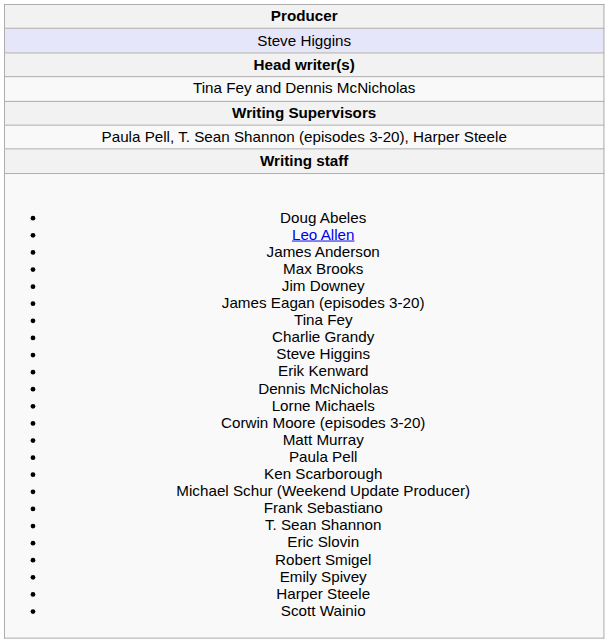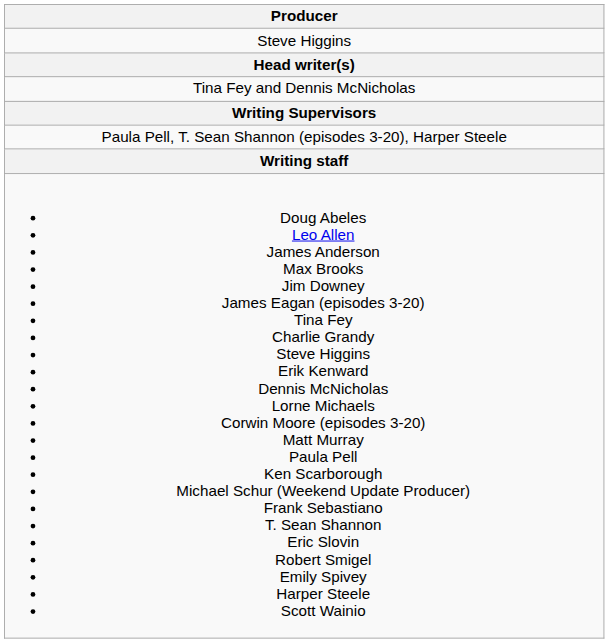 <table class="wikitable plainrowheaders"  style="text-align:center; width:50%;">
 <tr>
 <th><strong>Producer</strong></th>
 </tr>
 <tr>
-<td style="background: lavender;">Steve Higgins</td>
+<td>Steve Higgins</td>
 </tr>
 <tr>
 <th><strong>Head writer(s)</strong></th>
 </tr>
 <tr>
 <td>Tina Fey and Dennis McNicholas</td>
 </tr>
 <tr>
 <th><strong>Writing Supervisors</strong></th>
 </tr>
 <tr>
 <td>Paula Pell, T. Sean Shannon (episodes 3-20), Harper Steele</td>
 </tr>
 <tr>
 <th><strong>Writing staff</strong></th>
 </tr>
 <tr>
 <td><br><ul><li>Doug Abeles</li><li><a href='#'>Leo Allen</a></li><li>James Anderson</li><li>Max Brooks</li><li>Jim Downey</li><li>James Eagan (episodes 3-20)</li><li>Tina Fey</li><li>Charlie Grandy</li><li>Steve Higgins</li><li>Erik Kenward</li><li>Dennis McNicholas</li><li>Lorne Michaels</li><li>Corwin Moore (episodes 3-20)</li><li>Matt Murray</li><li>Paula Pell</li><li>Ken Scarborough</li><li>Michael Schur (Weekend Update Producer)</li><li>Frank Sebastiano</li><li>T. Sean Shannon</li><li>Eric Slovin</li><li>Robert Smigel</li><li>Emily Spivey</li><li>Harper Steele</li><li>Scott Wainio</li></ul></td>
 </tr>
 </table>
